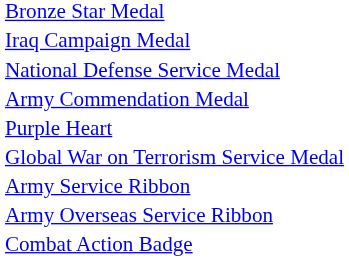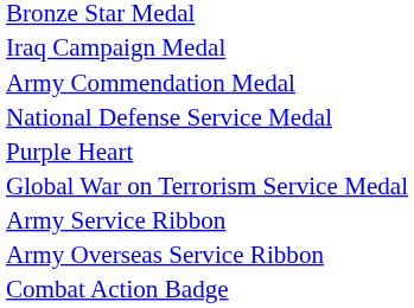 <table>
 <tr>
 <td> <a href='#'>Bronze Star Medal</a></td>
 </tr>
 <tr>
 <td> <a href='#'>Iraq Campaign Medal</a></td>
 </tr>
 <tr>
-<td> <a href='#'>National Defense Service Medal</a></td>
+<td> <a href='#'>Army Commendation Medal</a></td>
 </tr>
 <tr>
-<td> <a href='#'>Army Commendation Medal</a></td>
+<td> <a href='#'>National Defense Service Medal</a></td>
 </tr>
 <tr>
 <td> <a href='#'>Purple Heart</a></td>
 </tr>
 <tr>
 <td> <a href='#'>Global War on Terrorism Service Medal</a></td>
 </tr>
 <tr>
 <td> <a href='#'>Army Service Ribbon</a></td>
 </tr>
 <tr>
 <td> <a href='#'>Army Overseas Service Ribbon</a></td>
 </tr>
 <tr>
 <td> <a href='#'>Combat Action Badge</a></td>
 </tr>
 </table>
